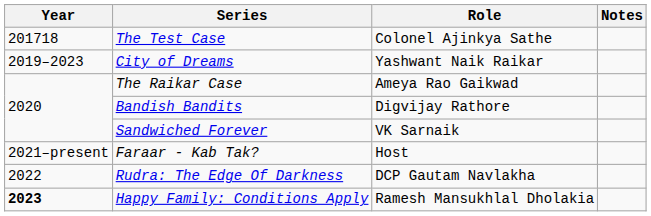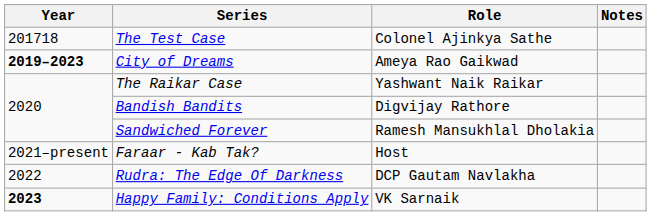 <table class="wikitable">
 <tr>
 <th>Year</th>
 <th>Series</th>
 <th>Role</th>
 <th>Notes</th>
 </tr>
 <tr>
 <td>201718</td>
 <td><em><a href='#'>The Test Case</a></em></td>
 <td>Colonel Ajinkya Sathe</td>
 <td></td>
 </tr>
 <tr>
-<td>2019–2023</td>
+<td><strong>2019–2023</strong></td>
 <td><em><a href='#'>City of Dreams</a></em></td>
-<td>Yashwant Naik Raikar</td>
+<td>Ameya Rao Gaikwad</td>
 <td></td>
 </tr>
 <tr>
 <td rowspan="3">2020</td>
 <td><em>The Raikar Case</em></td>
-<td>Ameya Rao Gaikwad</td>
+<td>Yashwant Naik Raikar</td>
 <td></td>
 </tr>
 <tr>
 <td><em><a href='#'>Bandish Bandits</a></em></td>
 <td>Digvijay Rathore</td>
 <td></td>
 </tr>
 <tr>
 <td><em><a href='#'>Sandwiched Forever</a></em></td>
-<td>VK Sarnaik</td>
+<td>Ramesh Mansukhlal Dholakia</td>
 <td></td>
 </tr>
 <tr>
 <td>2021–present</td>
 <td><em>Faraar - Kab Tak?</em></td>
 <td>Host</td>
 <td></td>
 </tr>
 <tr>
 <td>2022</td>
 <td><em><a href='#'>Rudra: The Edge Of Darkness</a></em></td>
 <td>DCP Gautam Navlakha</td>
 <td></td>
 </tr>
 <tr>
 <td><strong>2023</strong></td>
 <td><em><a href='#'>Happy Family: Conditions Apply</a></em></td>
-<td>Ramesh Mansukhlal Dholakia</td>
+<td>VK Sarnaik</td>
 <td></td>
 </tr>
 </table>
